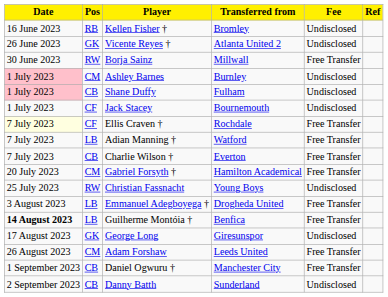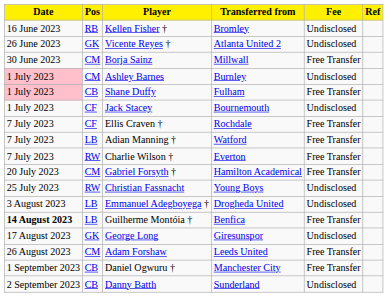 <table class="wikitable plainrowheaders sortable">
 <tr>
 <th style="background:#fff000;color:#000000;">Date</th>
 <th style="background:#fff000;color:#000000;">Pos</th>
 <th style="background:#fff000;color:#000000;">Player</th>
 <th style="background:#fff000;color:#000000;">Transferred from</th>
 <th style="background:#fff000;color:#000000;">Fee</th>
 <th style="background:#fff000;color:#000000;">Ref</th>
 </tr>
 <tr>
 <td>16 June 2023</td>
 <td><a href='#'>RB</a></td>
 <td> <a href='#'>Kellen Fisher</a> †</td>
 <td> <a href='#'>Bromley</a></td>
 <td>Undisclosed</td>
 <td></td>
 </tr>
 <tr>
 <td>26 June 2023</td>
 <td><a href='#'>GK</a></td>
 <td> <a href='#'>Vicente Reyes</a> †</td>
 <td> <a href='#'>Atlanta United 2</a></td>
 <td>Undisclosed</td>
 <td></td>
 </tr>
 <tr>
 <td>30 June 2023</td>
-<td><a href='#'>RW</a></td>
+<td><a href='#'>CM</a></td>
 <td> <a href='#'>Borja Sainz</a></td>
 <td> <a href='#'>Millwall</a></td>
 <td>Free Transfer</td>
 <td></td>
 </tr>
 <tr>
 <td style="background: pink;">1 July 2023</td>
 <td><a href='#'>CM</a></td>
 <td> <a href='#'>Ashley Barnes</a></td>
 <td> <a href='#'>Burnley</a></td>
 <td>Undisclosed</td>
 <td></td>
 </tr>
 <tr>
 <td style="background: pink;">1 July 2023</td>
 <td><a href='#'>CB</a></td>
 <td> <a href='#'>Shane Duffy</a></td>
 <td> <a href='#'>Fulham</a></td>
-<td>Undisclosed</td>
+<td>Free Transfer</td>
 <td></td>
 </tr>
 <tr>
 <td>1 July 2023</td>
 <td><a href='#'>CF</a></td>
 <td> <a href='#'>Jack Stacey</a></td>
 <td> <a href='#'>Bournemouth</a></td>
 <td>Undisclosed</td>
 <td></td>
 </tr>
 <tr>
-<td style="background: lightyellow;">7 July 2023</td>
+<td>7 July 2023</td>
 <td><a href='#'>CF</a></td>
 <td> Ellis Craven †</td>
 <td> <a href='#'>Rochdale</a></td>
 <td>Free Transfer</td>
 <td></td>
 </tr>
 <tr>
 <td>7 July 2023</td>
 <td><a href='#'>LB</a></td>
 <td> Adian Manning †</td>
 <td> <a href='#'>Watford</a></td>
 <td>Free Transfer</td>
 <td></td>
 </tr>
 <tr>
 <td>7 July 2023</td>
-<td><a href='#'>CB</a></td>
+<td><a href='#'>RW</a></td>
 <td> Charlie Wilson †</td>
 <td> <a href='#'>Everton</a></td>
 <td>Free Transfer</td>
 <td></td>
 </tr>
 <tr>
 <td>20 July 2023</td>
 <td><a href='#'>CM</a></td>
 <td> <a href='#'>Gabriel Forsyth</a> †</td>
 <td> <a href='#'>Hamilton Academical</a></td>
 <td>Free Transfer</td>
 <td></td>
 </tr>
 <tr>
 <td>25 July 2023</td>
 <td><a href='#'>RW</a></td>
 <td> <a href='#'>Christian Fassnacht</a></td>
 <td> <a href='#'>Young Boys</a></td>
 <td>Undisclosed</td>
 <td></td>
 </tr>
 <tr>
 <td>3 August 2023</td>
 <td><a href='#'>LB</a></td>
 <td> <a href='#'>Emmanuel Adegboyega</a> †</td>
 <td> <a href='#'>Drogheda United</a></td>
-<td>Free Transfer</td>
+<td>Undisclosed</td>
 <td></td>
 </tr>
 <tr>
 <td><strong>14 August 2023</strong></td>
 <td><a href='#'>LB</a></td>
 <td> Guilherme Montóia †</td>
 <td> <a href='#'>Benfica</a></td>
 <td>Free Transfer</td>
 <td></td>
 </tr>
 <tr>
 <td>17 August 2023</td>
 <td><a href='#'>GK</a></td>
 <td> <a href='#'>George Long</a></td>
 <td> <a href='#'>Giresunspor</a></td>
 <td>Undisclosed</td>
 <td></td>
 </tr>
 <tr>
 <td>26 August 2023</td>
 <td><a href='#'>CM</a></td>
 <td> <a href='#'>Adam Forshaw</a></td>
 <td> <a href='#'>Leeds United</a></td>
 <td>Free Transfer</td>
 <td></td>
 </tr>
 <tr>
 <td>1 September 2023</td>
 <td><a href='#'>CB</a></td>
 <td> Daniel Ogwuru †</td>
 <td> <a href='#'>Manchester City</a></td>
 <td>Free Transfer</td>
 <td></td>
 </tr>
 <tr>
 <td>2 September 2023</td>
 <td><a href='#'>CB</a></td>
 <td> <a href='#'>Danny Batth</a></td>
 <td> <a href='#'>Sunderland</a></td>
 <td>Undisclosed</td>
 <td></td>
 </tr>
 </table>
